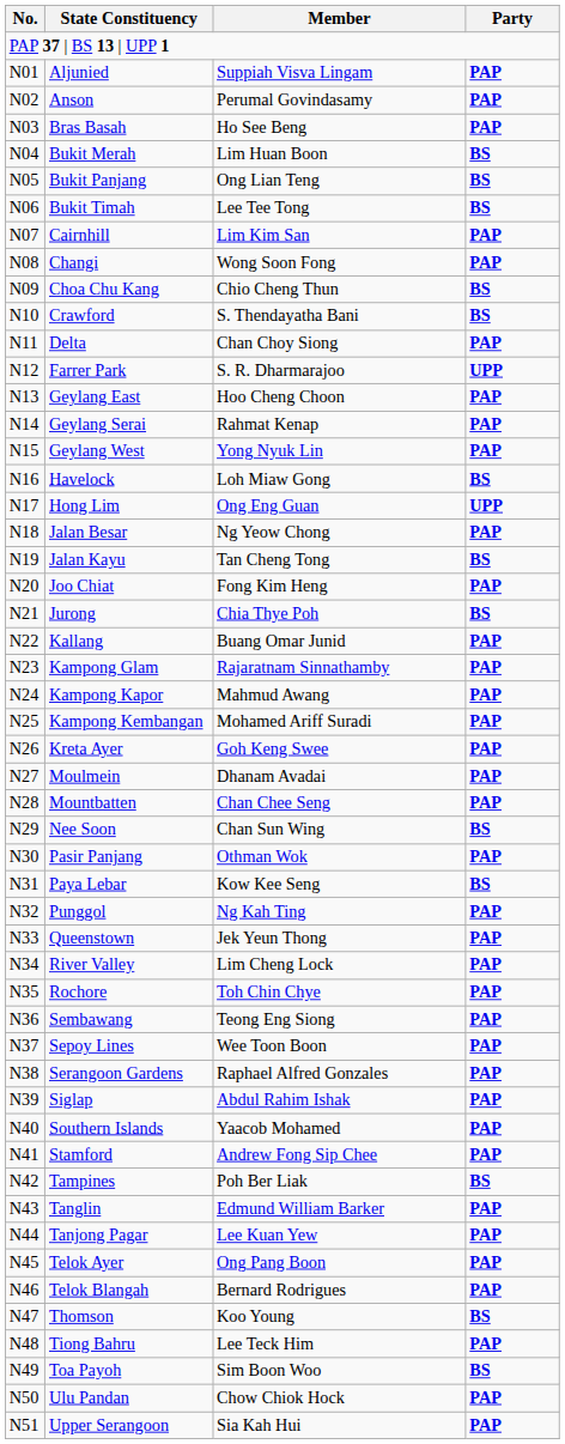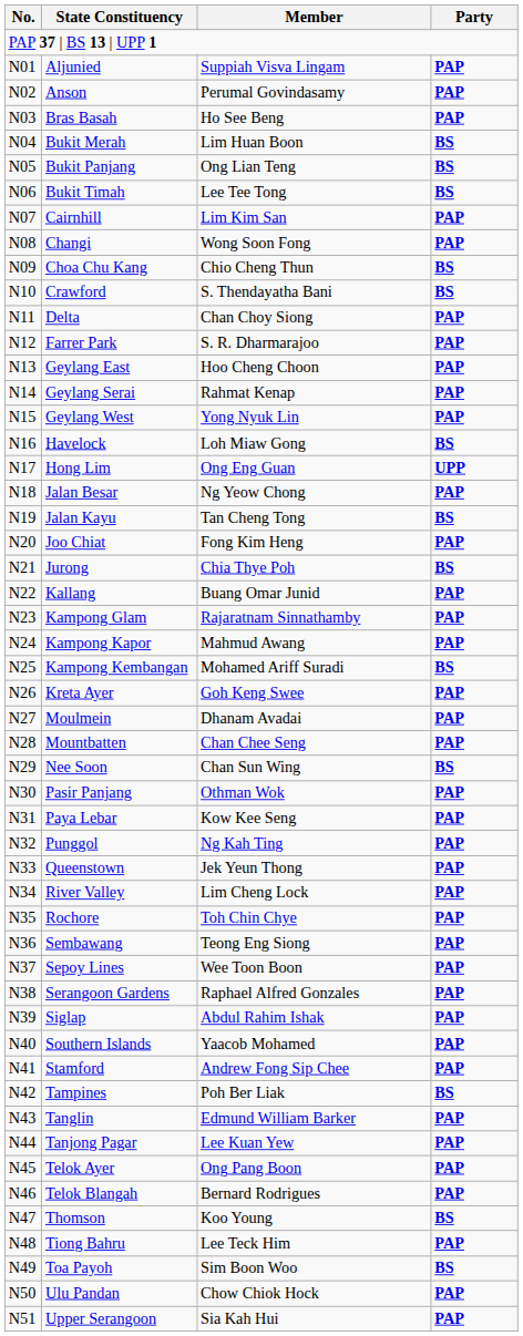 <table class="wikitable sortable">
 <tr>
 <th style="width:30px;">No.</th>
 <th style="width:150px;">State Constituency</th>
 <th style="width:230px;">Member</th>
 <th style="width:80px;">Party</th>
 </tr>
 <tr>
 <td colspan="4"><a href='#'>PAP</a> <strong>37</strong> | <a href='#'>BS</a> <strong>13</strong> | <a href='#'>UPP</a> <strong>1</strong></td>
 </tr>
 <tr>
 <td>N01</td>
 <td><a href='#'>Aljunied</a></td>
 <td><a href='#'>Suppiah Visva Lingam</a></td>
 <td><strong><a href='#'>PAP</a></strong></td>
 </tr>
 <tr>
 <td>N02</td>
 <td><a href='#'>Anson</a></td>
 <td>Perumal Govindasamy</td>
 <td><strong><a href='#'>PAP</a></strong></td>
 </tr>
 <tr>
 <td>N03</td>
 <td><a href='#'>Bras Basah</a></td>
 <td>Ho See Beng</td>
 <td><strong><a href='#'>PAP</a></strong></td>
 </tr>
 <tr>
 <td>N04</td>
 <td><a href='#'>Bukit Merah</a></td>
 <td>Lim Huan Boon</td>
 <td><strong><a href='#'>BS</a></strong></td>
 </tr>
 <tr>
 <td>N05</td>
 <td><a href='#'>Bukit Panjang</a></td>
 <td>Ong Lian Teng</td>
 <td><strong><a href='#'>BS</a></strong></td>
 </tr>
 <tr>
 <td>N06</td>
 <td><a href='#'>Bukit Timah</a></td>
 <td>Lee Tee Tong</td>
 <td><strong><a href='#'>BS</a></strong></td>
 </tr>
 <tr>
 <td>N07</td>
 <td><a href='#'>Cairnhill</a></td>
 <td><a href='#'>Lim Kim San</a></td>
 <td><strong><a href='#'>PAP</a></strong></td>
 </tr>
 <tr>
 <td>N08</td>
 <td><a href='#'>Changi</a></td>
 <td>Wong Soon Fong</td>
 <td><strong><a href='#'>PAP</a></strong></td>
 </tr>
 <tr>
 <td>N09</td>
 <td><a href='#'>Choa Chu Kang</a></td>
 <td>Chio Cheng Thun</td>
 <td><strong><a href='#'>BS</a></strong></td>
 </tr>
 <tr>
 <td>N10</td>
 <td><a href='#'>Crawford</a></td>
 <td>S. Thendayatha Bani</td>
 <td><strong><a href='#'>BS</a></strong></td>
 </tr>
 <tr>
 <td>N11</td>
 <td><a href='#'>Delta</a></td>
 <td>Chan Choy Siong</td>
 <td><strong><a href='#'>PAP</a></strong></td>
 </tr>
 <tr>
 <td>N12</td>
 <td><a href='#'>Farrer Park</a></td>
 <td>S. R. Dharmarajoo</td>
-<td><strong><a href='#'>UPP</a></strong></td>
+<td><strong><a href='#'>PAP</a></strong></td>
 </tr>
 <tr>
 <td>N13</td>
 <td><a href='#'>Geylang East</a></td>
 <td>Hoo Cheng Choon</td>
 <td><strong><a href='#'>PAP</a></strong></td>
 </tr>
 <tr>
 <td>N14</td>
 <td><a href='#'>Geylang Serai</a></td>
 <td>Rahmat Kenap</td>
 <td><strong><a href='#'>PAP</a></strong></td>
 </tr>
 <tr>
 <td>N15</td>
 <td><a href='#'>Geylang West</a></td>
 <td><a href='#'>Yong Nyuk Lin</a></td>
 <td><strong><a href='#'>PAP</a></strong></td>
 </tr>
 <tr>
 <td>N16</td>
 <td><a href='#'>Havelock</a></td>
 <td>Loh Miaw Gong</td>
 <td><strong><a href='#'>BS</a></strong></td>
 </tr>
 <tr>
 <td>N17</td>
 <td><a href='#'>Hong Lim</a></td>
 <td><a href='#'>Ong Eng Guan</a></td>
 <td><strong><a href='#'>UPP</a></strong></td>
 </tr>
 <tr>
 <td>N18</td>
 <td><a href='#'>Jalan Besar</a></td>
 <td>Ng Yeow Chong</td>
 <td><strong><a href='#'>PAP</a></strong></td>
 </tr>
 <tr>
 <td>N19</td>
 <td><a href='#'>Jalan Kayu</a></td>
 <td>Tan Cheng Tong</td>
 <td><strong><a href='#'>BS</a></strong></td>
 </tr>
 <tr>
 <td>N20</td>
 <td><a href='#'>Joo Chiat</a></td>
 <td>Fong Kim Heng</td>
 <td><strong><a href='#'>PAP</a></strong></td>
 </tr>
 <tr>
 <td>N21</td>
 <td><a href='#'>Jurong</a></td>
 <td><a href='#'>Chia Thye Poh</a></td>
 <td><strong><a href='#'>BS</a></strong></td>
 </tr>
 <tr>
 <td>N22</td>
 <td><a href='#'>Kallang</a></td>
 <td>Buang Omar Junid</td>
 <td><strong><a href='#'>PAP</a></strong></td>
 </tr>
 <tr>
 <td>N23</td>
 <td><a href='#'>Kampong Glam</a></td>
 <td><a href='#'>Rajaratnam Sinnathamby</a></td>
 <td><strong><a href='#'>PAP</a></strong></td>
 </tr>
 <tr>
 <td>N24</td>
 <td><a href='#'>Kampong Kapor</a></td>
 <td>Mahmud Awang</td>
 <td><strong><a href='#'>PAP</a></strong></td>
 </tr>
 <tr>
 <td>N25</td>
 <td><a href='#'>Kampong Kembangan</a></td>
 <td>Mohamed Ariff Suradi</td>
-<td><strong><a href='#'>PAP</a></strong></td>
+<td><strong><a href='#'>BS</a></strong></td>
 </tr>
 <tr>
 <td>N26</td>
 <td><a href='#'>Kreta Ayer</a></td>
 <td><a href='#'>Goh Keng Swee</a></td>
 <td><strong><a href='#'>PAP</a></strong></td>
 </tr>
 <tr>
 <td>N27</td>
 <td><a href='#'>Moulmein</a></td>
 <td>Dhanam Avadai</td>
 <td><strong><a href='#'>PAP</a></strong></td>
 </tr>
 <tr>
 <td>N28</td>
 <td><a href='#'>Mountbatten</a></td>
 <td><a href='#'>Chan Chee Seng</a></td>
 <td><strong><a href='#'>PAP</a></strong></td>
 </tr>
 <tr>
 <td>N29</td>
 <td><a href='#'>Nee Soon</a></td>
 <td>Chan Sun Wing</td>
 <td><strong><a href='#'>BS</a></strong></td>
 </tr>
 <tr>
 <td>N30</td>
 <td><a href='#'>Pasir Panjang</a></td>
 <td><a href='#'>Othman Wok</a></td>
 <td><strong><a href='#'>PAP</a></strong></td>
 </tr>
 <tr>
 <td>N31</td>
 <td><a href='#'>Paya Lebar</a></td>
 <td>Kow Kee Seng</td>
-<td><strong><a href='#'>BS</a></strong></td>
+<td><strong><a href='#'>PAP</a></strong></td>
 </tr>
 <tr>
 <td>N32</td>
 <td><a href='#'>Punggol</a></td>
 <td><a href='#'>Ng Kah Ting</a></td>
 <td><strong><a href='#'>PAP</a></strong></td>
 </tr>
 <tr>
 <td>N33</td>
 <td><a href='#'>Queenstown</a></td>
 <td>Jek Yeun Thong</td>
 <td><strong><a href='#'>PAP</a></strong></td>
 </tr>
 <tr>
 <td>N34</td>
 <td><a href='#'>River Valley</a></td>
 <td>Lim Cheng Lock</td>
 <td><strong><a href='#'>PAP</a></strong></td>
 </tr>
 <tr>
 <td>N35</td>
 <td><a href='#'>Rochore</a></td>
 <td><a href='#'>Toh Chin Chye</a></td>
 <td><strong><a href='#'>PAP</a></strong></td>
 </tr>
 <tr>
 <td>N36</td>
 <td><a href='#'>Sembawang</a></td>
 <td>Teong Eng Siong</td>
 <td><strong><a href='#'>PAP</a></strong></td>
 </tr>
 <tr>
 <td>N37</td>
 <td><a href='#'>Sepoy Lines</a></td>
 <td>Wee Toon Boon</td>
 <td><strong><a href='#'>PAP</a></strong></td>
 </tr>
 <tr>
 <td>N38</td>
 <td><a href='#'>Serangoon Gardens</a></td>
 <td>Raphael Alfred Gonzales</td>
 <td><strong><a href='#'>PAP</a></strong></td>
 </tr>
 <tr>
 <td>N39</td>
 <td><a href='#'>Siglap</a></td>
 <td><a href='#'>Abdul Rahim Ishak</a></td>
 <td><strong><a href='#'>PAP</a></strong></td>
 </tr>
 <tr>
 <td>N40</td>
 <td><a href='#'>Southern Islands</a></td>
 <td>Yaacob Mohamed</td>
 <td><strong><a href='#'>PAP</a></strong></td>
 </tr>
 <tr>
 <td>N41</td>
 <td><a href='#'>Stamford</a></td>
 <td><a href='#'>Andrew Fong Sip Chee</a></td>
 <td><strong><a href='#'>PAP</a></strong></td>
 </tr>
 <tr>
 <td>N42</td>
 <td><a href='#'>Tampines</a></td>
 <td>Poh Ber Liak</td>
 <td><strong><a href='#'>BS</a></strong></td>
 </tr>
 <tr>
 <td>N43</td>
 <td><a href='#'>Tanglin</a></td>
 <td><a href='#'>Edmund William Barker</a></td>
 <td><strong><a href='#'>PAP</a></strong></td>
 </tr>
 <tr>
 <td>N44</td>
 <td><a href='#'>Tanjong Pagar</a></td>
 <td><a href='#'>Lee Kuan Yew</a></td>
 <td><strong><a href='#'>PAP</a></strong></td>
 </tr>
 <tr>
 <td>N45</td>
 <td><a href='#'>Telok Ayer</a></td>
 <td><a href='#'>Ong Pang Boon</a></td>
 <td><strong><a href='#'>PAP</a></strong></td>
 </tr>
 <tr>
 <td>N46</td>
 <td><a href='#'>Telok Blangah</a></td>
 <td>Bernard Rodrigues</td>
 <td><strong><a href='#'>PAP</a></strong></td>
 </tr>
 <tr>
 <td>N47</td>
 <td><a href='#'>Thomson</a></td>
 <td>Koo Young</td>
 <td><strong><a href='#'>BS</a></strong></td>
 </tr>
 <tr>
 <td>N48</td>
 <td><a href='#'>Tiong Bahru</a></td>
 <td>Lee Teck Him</td>
 <td><strong><a href='#'>PAP</a></strong></td>
 </tr>
 <tr>
 <td>N49</td>
 <td><a href='#'>Toa Payoh</a></td>
 <td>Sim Boon Woo</td>
 <td><strong><a href='#'>BS</a></strong></td>
 </tr>
 <tr>
 <td>N50</td>
 <td><a href='#'>Ulu Pandan</a></td>
 <td>Chow Chiok Hock</td>
 <td><strong><a href='#'>PAP</a></strong></td>
 </tr>
 <tr>
 <td>N51</td>
 <td><a href='#'>Upper Serangoon</a></td>
 <td>Sia Kah Hui</td>
 <td><strong><a href='#'>PAP</a></strong></td>
 </tr>
 </table>
